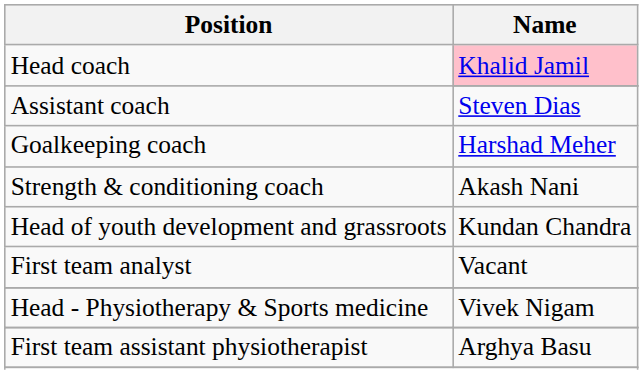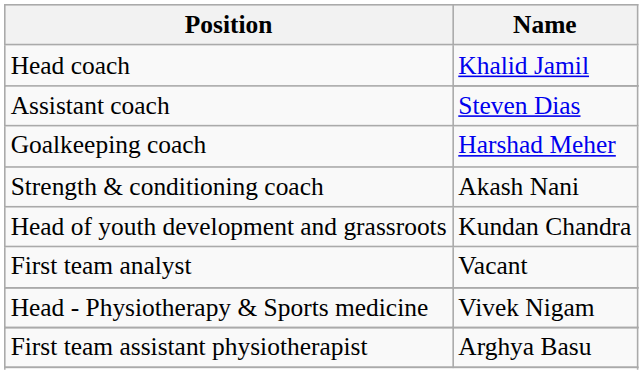 <table class="wikitable">
 <tr>
 <th>Position</th>
 <th>Name</th>
 </tr>
 <tr>
 <td>Head coach</td>
-<td style="background: pink;"> <a href='#'>Khalid Jamil</a></td>
+<td> <a href='#'>Khalid Jamil</a></td>
 </tr>
 <tr>
 <td rowspan="2">Assistant coach</td>
 </tr>
 <tr>
 <td> <a href='#'>Steven Dias</a></td>
 </tr>
 <tr>
 <td>Goalkeeping coach</td>
 <td> <a href='#'>Harshad Meher</a></td>
 </tr>
 <tr>
 <td>Strength & conditioning coach</td>
 <td> Akash Nani</td>
 </tr>
 <tr>
 <td>Head of youth development and grassroots</td>
 <td> Kundan Chandra</td>
 </tr>
 <tr>
 <td>First team analyst</td>
 <td>Vacant</td>
 </tr>
 <tr>
 </tr>
 <tr>
 <td>Head - Physiotherapy & Sports medicine</td>
 <td> Vivek Nigam</td>
 </tr>
 <tr>
 </tr>
 <tr>
 <td>First team assistant physiotherapist</td>
 <td> Arghya Basu</td>
 </tr>
 <tr>
 </tr>
 <tr>
 </tr>
 </table>
